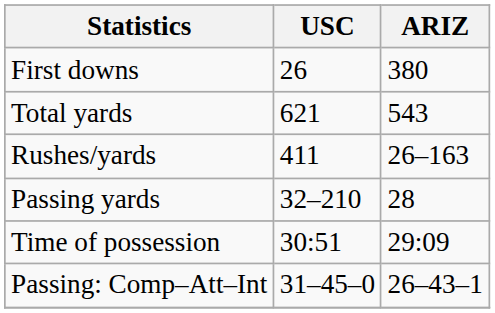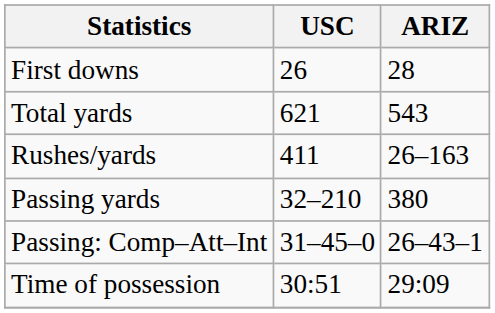 <table class="wikitable" style="float: left;">
 <tr>
 <th>Statistics</th>
 <th>USC</th>
 <th>ARIZ</th>
 </tr>
 <tr>
 <td>First downs</td>
 <td>26</td>
-<td>380</td>
+<td>28</td>
 </tr>
 <tr>
 <td>Total yards</td>
 <td>621</td>
 <td>543</td>
 </tr>
 <tr>
 <td>Rushes/yards</td>
 <td>411</td>
 <td>26–163</td>
 </tr>
 <tr>
 <td>Passing yards</td>
 <td>32–210</td>
-<td>28</td>
+<td>380</td>
+</tr>
+<tr>
+<td>Passing: Comp–Att–Int</td>
+<td>31–45–0</td>
+<td>26–43–1</td>
 </tr>
 <tr>
 <td>Time of possession</td>
 <td>30:51</td>
 <td>29:09</td>
 </tr>
 <tr>
-<td>Passing: Comp–Att–Int</td>
-<td>31–45–0</td>
-<td>26–43–1</td>
-</tr>
-<tr>
 </tr>
 </table>
